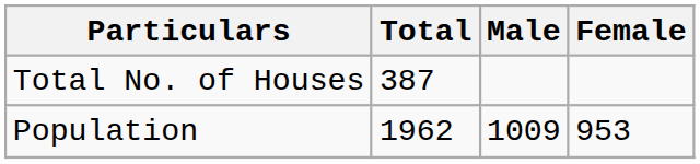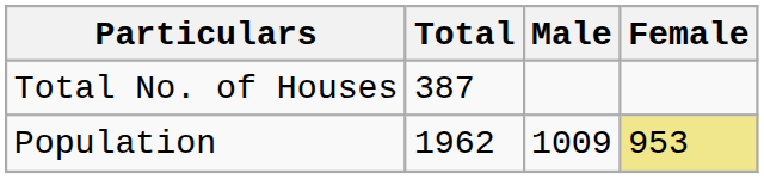 <table class="wikitable sortable">
 <tr>
 <th>Particulars</th>
 <th>Total</th>
 <th>Male</th>
 <th>Female</th>
 </tr>
 <tr>
 <td>Total No. of Houses</td>
 <td>387</td>
 <td></td>
 <td></td>
 </tr>
 <tr>
 <td>Population</td>
 <td>1962</td>
 <td>1009</td>
-<td>953</td>
+<td style="background: khaki;">953</td>
 </tr>
 <tr>
 </tr>
 </table>
